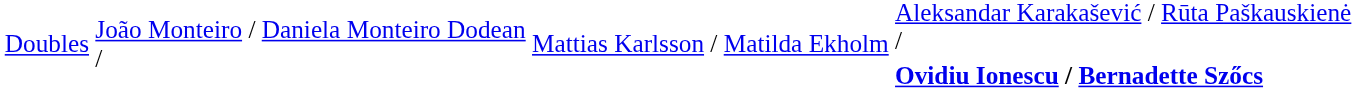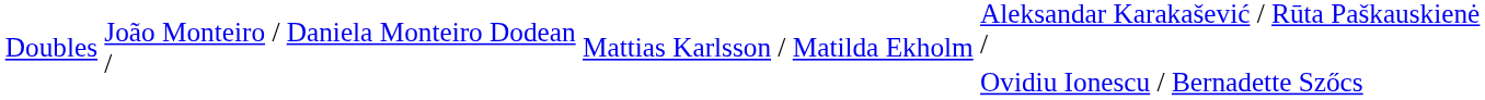 <table>
 <tr>
 <td rowspan=2><a href='#'>Doubles</a></td>
 <td rowspan=2><a href='#'>João Monteiro</a> / <a href='#'>Daniela Monteiro Dodean</a><br> / </td>
 <td rowspan=2><a href='#'>Mattias Karlsson</a> / <a href='#'>Matilda Ekholm</a><br></td>
 <td><a href='#'>Aleksandar Karakašević</a> / <a href='#'>Rūta Paškauskienė</a><br> / </td>
 </tr>
 <tr>
-<td><strong><a href='#'>Ovidiu Ionescu</a> / <a href='#'>Bernadette Szőcs</a><br></strong></td>
+<td><a href='#'>Ovidiu Ionescu</a> / <a href='#'>Bernadette Szőcs</a><br></td>
 </tr>
 </table>
